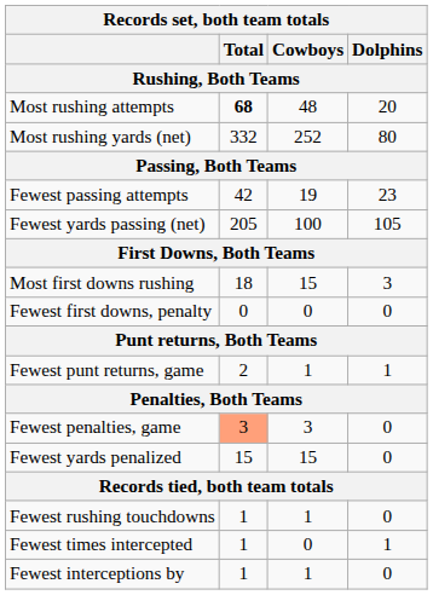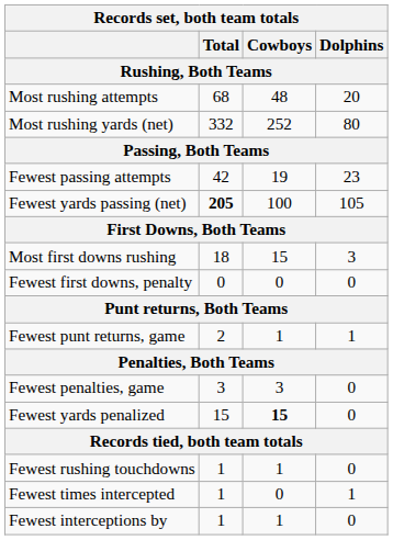 <table class="wikitable">
 <tr>
 <th colspan=4>Records set, both team totals</th>
 </tr>
 <tr>
 <th></th>
 <th>Total</th>
 <th>Cowboys</th>
 <th>Dolphins</th>
 </tr>
 <tr>
 <th colspan=4>Rushing, Both Teams</th>
 </tr>
 <tr align=center>
 <td align=left>Most rushing attempts</td>
-<td><strong>68</strong></td>
+<td>68</td>
 <td>48</td>
 <td>20</td>
 </tr>
 <tr align=center>
 <td align=left>Most rushing yards (net)</td>
 <td>332</td>
 <td>252</td>
 <td>80</td>
 </tr>
 <tr>
 <th colspan=4>Passing, Both Teams</th>
 </tr>
 <tr align=center>
 <td align=left>Fewest passing attempts</td>
 <td>42</td>
 <td>19</td>
 <td>23</td>
 </tr>
 <tr align=center>
 <td align=left>Fewest yards passing (net)</td>
-<td>205</td>
+<td><strong>205</strong></td>
 <td>100</td>
 <td>105</td>
 </tr>
 <tr align=center>
 <th colspan=4>First Downs, Both Teams</th>
 </tr>
 <tr align=center>
 <td align=left>Most first downs rushing</td>
 <td>18</td>
 <td>15</td>
 <td>3</td>
 </tr>
 <tr align=center>
 <td align=left>Fewest first downs, penalty</td>
 <td>0</td>
 <td>0</td>
 <td>0</td>
 </tr>
 <tr>
 <th colspan=4>Punt returns, Both Teams</th>
 </tr>
 <tr align=center>
 <td align=left>Fewest punt returns, game</td>
 <td>2</td>
 <td>1</td>
 <td>1</td>
 </tr>
 <tr>
 <th colspan=4>Penalties, Both Teams</th>
 </tr>
 <tr align=center>
 <td align=left>Fewest penalties, game</td>
-<td style="background: lightsalmon;">3</td>
+<td>3</td>
 <td>3</td>
 <td>0</td>
 </tr>
 <tr align=center>
 <td align=left>Fewest yards penalized</td>
 <td>15</td>
-<td>15</td>
+<td><strong>15</strong></td>
 <td>0</td>
 </tr>
 <tr>
 <th colspan=4>Records tied, both team totals</th>
 </tr>
 <tr align=center>
 <td align=left>Fewest rushing touchdowns</td>
 <td>1</td>
 <td>1</td>
 <td>0</td>
 </tr>
 <tr align=center>
 <td align=left>Fewest times intercepted</td>
 <td>1</td>
 <td>0</td>
 <td>1</td>
 </tr>
 <tr align=center>
 <td align=left>Fewest interceptions by</td>
 <td>1</td>
 <td>1</td>
 <td>0</td>
 </tr>
 </table>
